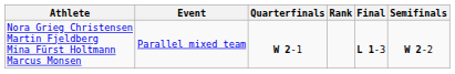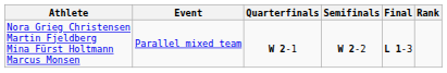 <table class="wikitable">
 <tr>
 <th>Athlete</th>
 <th>Event</th>
 <th>Quarterfinals</th>
+<th>Semifinals</th>
+<th>Final</th>
 <th>Rank</th>
-<th>Final</th>
-<th>Semifinals</th>
 </tr>
 <tr>
 <td><a href='#'>Nora Grieg Christensen</a><br><a href='#'>Martin Fjeldberg</a><br><a href='#'>Mina Fürst Holtmann</a><br><a href='#'>Marcus Monsen</a></td>
 <td><a href='#'>Parallel mixed team</a></td>
 <td align="center"><br><strong>W</strong> <strong>2</strong>-1</td>
+<td align="center"><br><strong>W</strong> <strong>2</strong>-2</td>
+<td align="center"><br><strong>L</strong> <strong>1</strong>-3</td>
 <td align="center"></td>
-<td align="center"><br><strong>L</strong> <strong>1</strong>-3</td>
-<td align="center"><br><strong>W</strong> <strong>2</strong>-2</td>
 </tr>
 </table>
